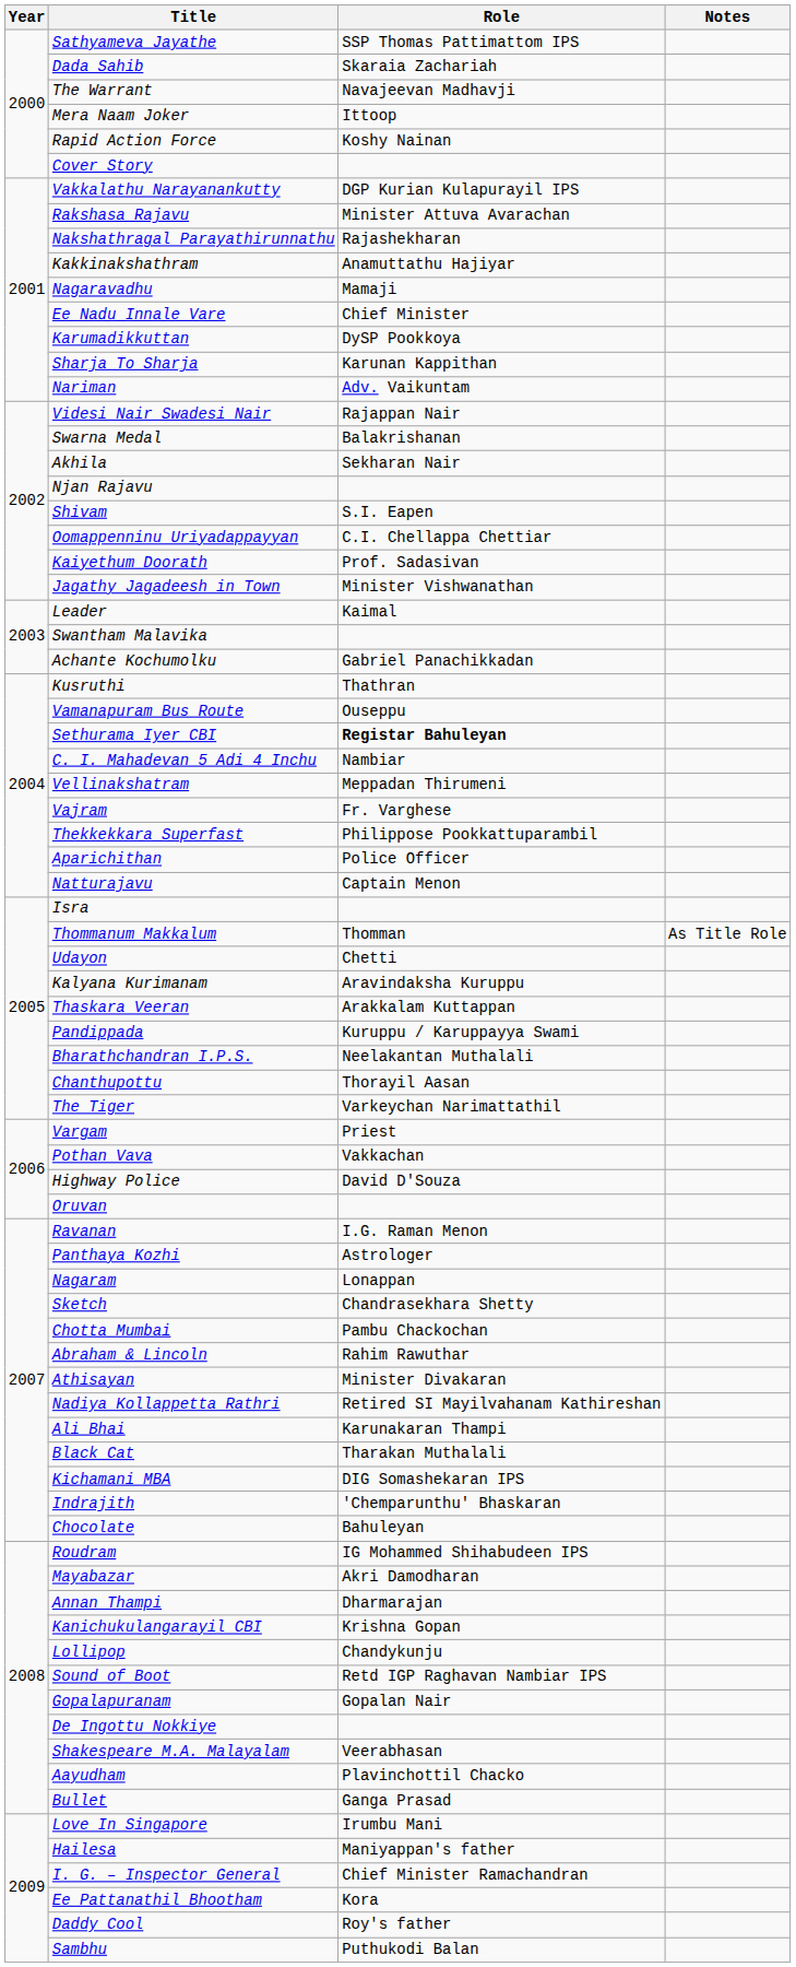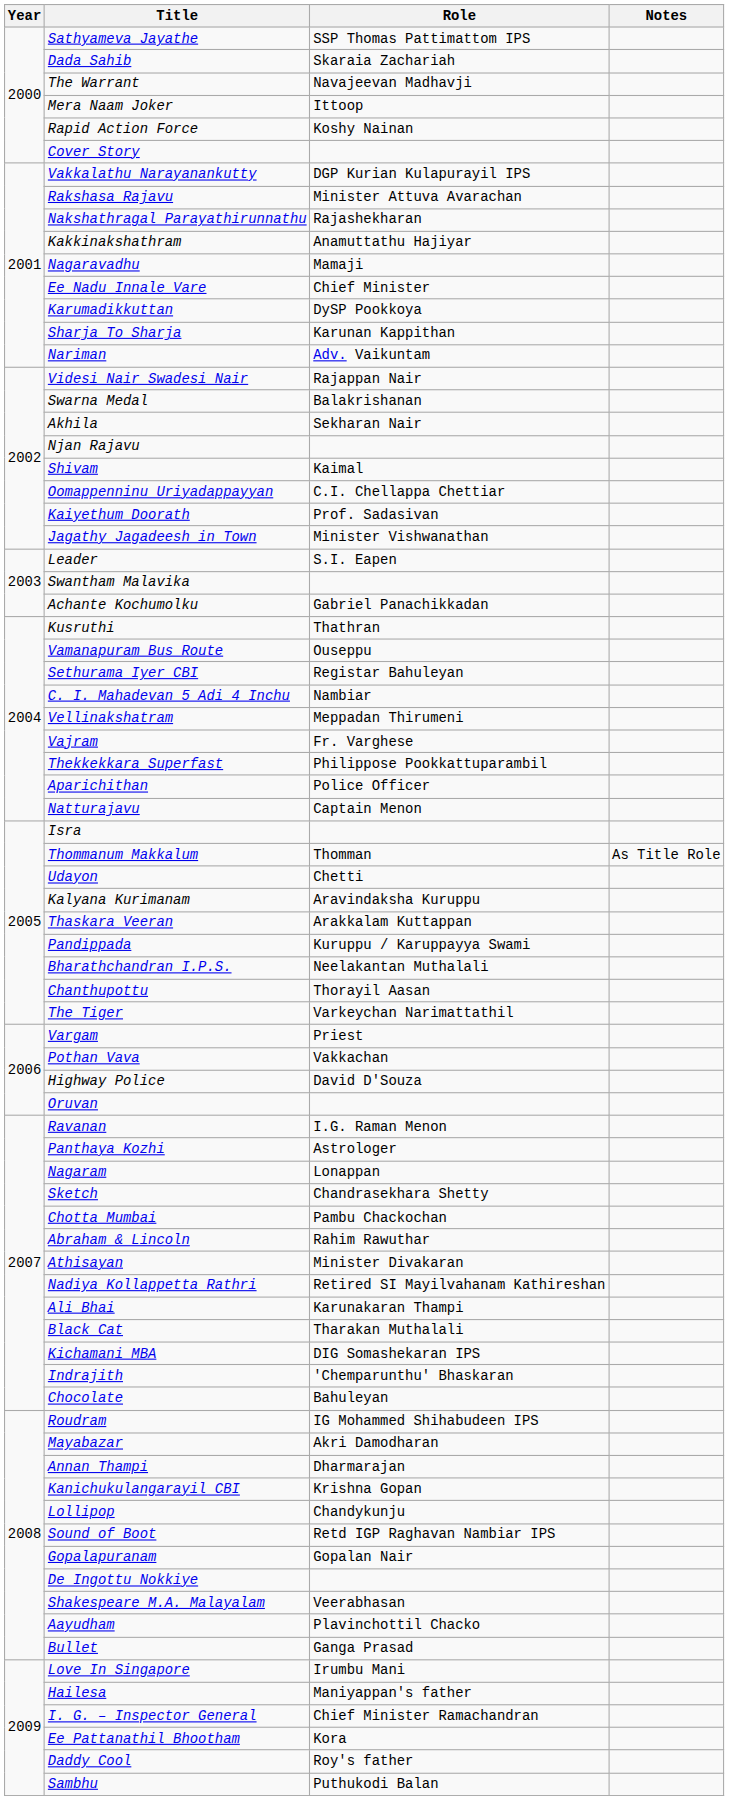 <table class="wikitable sortable">
 <tr>
 <th>Year</th>
 <th>Title</th>
 <th>Role</th>
 <th class="unsortable">Notes</th>
 </tr>
 <tr>
 <td rowspan=6>2000</td>
 <td><em><a href='#'>Sathyameva Jayathe</a></em></td>
 <td>SSP Thomas Pattimattom IPS</td>
 <td></td>
 </tr>
 <tr>
 <td><em><a href='#'>Dada Sahib</a></em></td>
 <td>Skaraia Zachariah</td>
 <td></td>
 </tr>
 <tr>
 <td><em>The Warrant</em></td>
 <td>Navajeevan Madhavji</td>
 <td></td>
 </tr>
 <tr>
 <td><em>Mera Naam Joker</em></td>
 <td>Ittoop</td>
 <td></td>
 </tr>
 <tr>
 <td><em>Rapid Action Force</em></td>
 <td>Koshy Nainan</td>
 <td></td>
 </tr>
 <tr>
 <td><em><a href='#'>Cover Story</a></em></td>
 <td></td>
 <td></td>
 </tr>
 <tr>
 <td rowspan=9>2001</td>
 <td><em><a href='#'>Vakkalathu Narayanankutty</a></em></td>
 <td>DGP Kurian Kulapurayil IPS</td>
 <td></td>
 </tr>
 <tr>
 <td><em><a href='#'>Rakshasa Rajavu</a></em></td>
 <td>Minister Attuva Avarachan</td>
 <td></td>
 </tr>
 <tr>
 <td><em><a href='#'>Nakshathragal Parayathirunnathu</a></em></td>
 <td>Rajashekharan</td>
 <td></td>
 </tr>
 <tr>
 <td><em>Kakkinakshathram</em></td>
 <td>Anamuttathu Hajiyar</td>
 <td></td>
 </tr>
 <tr>
 <td><em><a href='#'>Nagaravadhu</a></em></td>
 <td>Mamaji</td>
 <td></td>
 </tr>
 <tr>
 <td><em><a href='#'>Ee Nadu Innale Vare</a></em></td>
 <td>Chief Minister</td>
 <td></td>
 </tr>
 <tr>
 <td><em><a href='#'>Karumadikkuttan</a></em></td>
 <td>DySP Pookkoya</td>
 <td></td>
 </tr>
 <tr>
 <td><em><a href='#'>Sharja To Sharja</a></em></td>
 <td>Karunan Kappithan</td>
 <td></td>
 </tr>
 <tr>
 <td><em><a href='#'>Nariman</a></em></td>
 <td><a href='#'>Adv.</a> Vaikuntam</td>
 <td></td>
 </tr>
 <tr>
 <td rowspan=8>2002</td>
 <td><em><a href='#'>Videsi Nair Swadesi Nair</a></em></td>
 <td>Rajappan Nair</td>
 <td></td>
 </tr>
 <tr>
 <td><em>Swarna Medal</em></td>
 <td>Balakrishanan</td>
 <td></td>
 </tr>
 <tr>
 <td><em>Akhila</em></td>
 <td>Sekharan Nair</td>
 <td></td>
 </tr>
 <tr>
 <td><em>Njan Rajavu</em></td>
 <td></td>
 <td></td>
 </tr>
 <tr>
 <td><em><a href='#'>Shivam</a></em></td>
-<td>S.I. Eapen</td>
+<td>Kaimal</td>
 <td></td>
 </tr>
 <tr>
 <td><em><a href='#'>Oomappenninu Uriyadappayyan</a></em></td>
 <td>C.I. Chellappa Chettiar</td>
 <td></td>
 </tr>
 <tr>
 <td><em><a href='#'>Kaiyethum Doorath</a></em></td>
 <td>Prof. Sadasivan</td>
 <td></td>
 </tr>
 <tr>
 <td><em><a href='#'>Jagathy Jagadeesh in Town</a></em></td>
 <td>Minister Vishwanathan</td>
 <td></td>
 </tr>
 <tr>
 <td rowspan=3>2003</td>
 <td><em>Leader</em></td>
-<td>Kaimal</td>
+<td>S.I. Eapen</td>
 <td></td>
 </tr>
 <tr>
 <td><em>Swantham Malavika</em></td>
 <td></td>
 <td></td>
 </tr>
 <tr>
 <td><em>Achante Kochumolku</em></td>
 <td>Gabriel Panachikkadan</td>
 <td></td>
 </tr>
 <tr>
 <td rowspan=9>2004</td>
 <td><em>Kusruthi</em></td>
 <td>Thathran</td>
 <td></td>
 </tr>
 <tr>
 <td><em><a href='#'>Vamanapuram Bus Route</a></em></td>
 <td>Ouseppu</td>
 <td></td>
 </tr>
 <tr>
 <td><em><a href='#'>Sethurama Iyer CBI</a></em></td>
-<td><strong>Registar Bahuleyan</strong></td>
+<td>Registar Bahuleyan</td>
 <td></td>
 </tr>
 <tr>
 <td><em><a href='#'>C. I. Mahadevan 5 Adi 4 Inchu</a></em></td>
 <td>Nambiar</td>
 <td></td>
 </tr>
 <tr>
 <td><em><a href='#'>Vellinakshatram</a></em></td>
 <td>Meppadan Thirumeni</td>
 <td></td>
 </tr>
 <tr>
 <td><em><a href='#'>Vajram</a></em></td>
 <td>Fr. Varghese</td>
 <td></td>
 </tr>
 <tr>
 <td><em><a href='#'>Thekkekkara Superfast</a></em></td>
 <td>Philippose Pookkattuparambil</td>
 <td></td>
 </tr>
 <tr>
 <td><em><a href='#'>Aparichithan</a></em></td>
 <td>Police Officer</td>
 <td></td>
 </tr>
 <tr>
 <td><em><a href='#'>Natturajavu</a></em></td>
 <td>Captain Menon</td>
 <td></td>
 </tr>
 <tr>
 <td rowspan=9>2005</td>
 <td><em>Isra</em></td>
 <td></td>
 <td></td>
 </tr>
 <tr>
 <td><em><a href='#'>Thommanum Makkalum</a></em></td>
 <td>Thomman</td>
 <td>As Title Role</td>
 </tr>
 <tr>
 <td><em><a href='#'>Udayon</a></em></td>
 <td>Chetti</td>
 <td></td>
 </tr>
 <tr>
 <td><em>Kalyana Kurimanam</em></td>
 <td>Aravindaksha Kuruppu</td>
 <td></td>
 </tr>
 <tr>
 <td><em><a href='#'>Thaskara Veeran</a></em></td>
 <td>Arakkalam Kuttappan</td>
 <td></td>
 </tr>
 <tr>
 <td><em><a href='#'>Pandippada</a></em></td>
 <td>Kuruppu / Karuppayya Swami</td>
 <td></td>
 </tr>
 <tr>
 <td><em><a href='#'>Bharathchandran I.P.S.</a></em></td>
 <td>Neelakantan Muthalali</td>
 <td></td>
 </tr>
 <tr>
 <td><em><a href='#'>Chanthupottu</a></em></td>
 <td>Thorayil Aasan</td>
 <td></td>
 </tr>
 <tr>
 <td><em><a href='#'>The Tiger</a></em></td>
 <td>Varkeychan Narimattathil</td>
 <td></td>
 </tr>
 <tr>
 <td rowspan=4>2006</td>
 <td><em><a href='#'>Vargam</a></em></td>
 <td>Priest</td>
 <td></td>
 </tr>
 <tr>
 <td><em><a href='#'>Pothan Vava</a></em></td>
 <td>Vakkachan</td>
 <td></td>
 </tr>
 <tr>
 <td><em>Highway Police</em></td>
 <td>David D'Souza</td>
 <td></td>
 </tr>
 <tr>
 <td><em><a href='#'>Oruvan</a></em></td>
 <td></td>
 <td></td>
 </tr>
 <tr>
 <td rowspan=13>2007</td>
 <td><em><a href='#'>Ravanan</a></em></td>
 <td>I.G. Raman Menon</td>
 <td></td>
 </tr>
 <tr>
 <td><em><a href='#'>Panthaya Kozhi</a></em></td>
 <td>Astrologer</td>
 <td></td>
 </tr>
 <tr>
 <td><em><a href='#'>Nagaram</a></em></td>
 <td>Lonappan</td>
 <td></td>
 </tr>
 <tr>
 <td><em><a href='#'>Sketch</a></em></td>
 <td>Chandrasekhara Shetty</td>
 <td></td>
 </tr>
 <tr>
 <td><em><a href='#'>Chotta Mumbai</a></em></td>
 <td>Pambu Chackochan</td>
 <td></td>
 </tr>
 <tr>
 <td><em><a href='#'>Abraham & Lincoln</a></em></td>
 <td>Rahim Rawuthar</td>
 <td></td>
 </tr>
 <tr>
 <td><em><a href='#'>Athisayan</a></em></td>
 <td>Minister Divakaran</td>
 <td></td>
 </tr>
 <tr>
 <td><em><a href='#'>Nadiya Kollappetta Rathri</a></em></td>
 <td>Retired SI Mayilvahanam Kathireshan</td>
 <td></td>
 </tr>
 <tr>
 <td><em><a href='#'>Ali Bhai</a></em></td>
 <td>Karunakaran Thampi</td>
 <td></td>
 </tr>
 <tr>
 <td><em><a href='#'>Black Cat</a></em></td>
 <td>Tharakan Muthalali</td>
 <td></td>
 </tr>
 <tr>
 <td><em><a href='#'>Kichamani MBA</a></em></td>
 <td>DIG Somashekaran IPS</td>
 <td></td>
 </tr>
 <tr>
 <td><em><a href='#'>Indrajith</a></em></td>
 <td>'Chemparunthu' Bhaskaran</td>
 <td></td>
 </tr>
 <tr>
 <td><em><a href='#'>Chocolate</a></em></td>
 <td>Bahuleyan</td>
 <td></td>
 </tr>
 <tr>
 <td rowspan=11>2008</td>
 <td><em><a href='#'>Roudram</a></em></td>
 <td>IG Mohammed Shihabudeen IPS</td>
 <td></td>
 </tr>
 <tr>
 <td><em><a href='#'>Mayabazar</a></em></td>
 <td>Akri Damodharan</td>
 <td></td>
 </tr>
 <tr>
 <td><em><a href='#'>Annan Thampi</a></em></td>
 <td>Dharmarajan</td>
 <td></td>
 </tr>
 <tr>
 <td><em><a href='#'>Kanichukulangarayil CBI</a></em></td>
 <td>Krishna Gopan</td>
 <td></td>
 </tr>
 <tr>
 <td><em><a href='#'>Lollipop</a></em></td>
 <td>Chandykunju</td>
 <td></td>
 </tr>
 <tr>
 <td><em><a href='#'>Sound of Boot</a></em></td>
 <td>Retd IGP Raghavan Nambiar IPS</td>
 <td></td>
 </tr>
 <tr>
 <td><em><a href='#'>Gopalapuranam</a></em></td>
 <td>Gopalan Nair</td>
 <td></td>
 </tr>
 <tr>
 <td><em><a href='#'>De Ingottu Nokkiye</a></em></td>
 <td></td>
 <td></td>
 </tr>
 <tr>
 <td><em><a href='#'>Shakespeare M.A. Malayalam</a></em></td>
 <td>Veerabhasan</td>
 <td></td>
 </tr>
 <tr>
 <td><em><a href='#'>Aayudham</a></em></td>
 <td>Plavinchottil Chacko</td>
 <td></td>
 </tr>
 <tr>
 <td><em><a href='#'>Bullet</a></em></td>
 <td>Ganga Prasad</td>
 <td></td>
 </tr>
 <tr>
 <td rowspan=6>2009</td>
 <td><em><a href='#'>Love In Singapore</a></em></td>
 <td>Irumbu Mani</td>
 <td></td>
 </tr>
 <tr>
 <td><em><a href='#'>Hailesa</a></em></td>
 <td>Maniyappan's father</td>
 <td></td>
 </tr>
 <tr>
 <td><em><a href='#'>I. G. – Inspector General</a></em></td>
 <td>Chief Minister Ramachandran</td>
 <td></td>
 </tr>
 <tr>
 <td><em><a href='#'>Ee Pattanathil Bhootham</a></em></td>
 <td>Kora</td>
 <td></td>
 </tr>
 <tr>
 <td><em><a href='#'>Daddy Cool</a></em></td>
 <td>Roy's father</td>
 <td></td>
 </tr>
 <tr>
 <td><em><a href='#'>Sambhu</a></em></td>
 <td>Puthukodi Balan</td>
 <td></td>
 </tr>
 <tr>
 </tr>
 </table>
